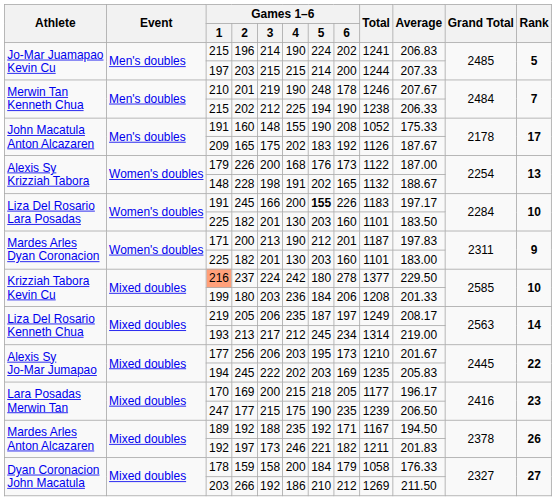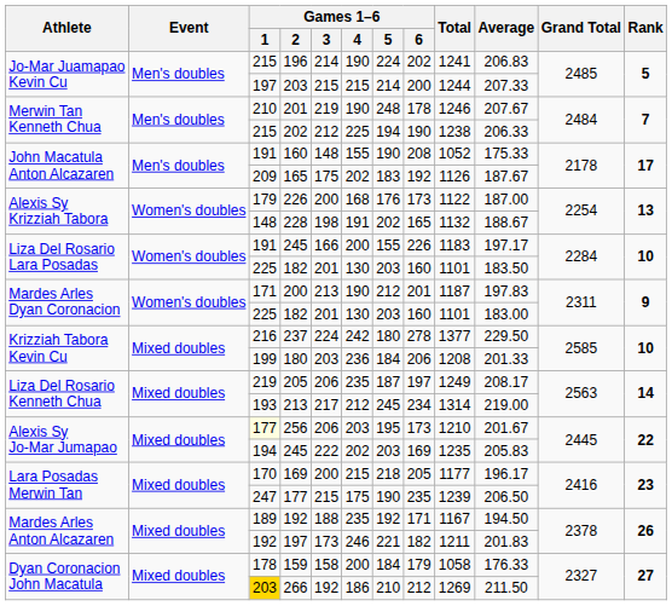 <table class="wikitable" style="font-size:90%;">
 <tr>
 <th rowspan=2>Athlete</th>
 <th rowspan=2>Event</th>
 <th colspan=6>Games 1–6</th>
 <th rowspan=2>Total</th>
 <th rowspan=2>Average</th>
 <th rowspan=2>Grand Total</th>
 <th rowspan=2>Rank</th>
 </tr>
 <tr>
 <th>1</th>
 <th>2</th>
 <th>3</th>
 <th>4</th>
 <th>5</th>
 <th>6</th>
 </tr>
 <tr>
 <td rowspan=2><a href='#'>Jo-Mar Juamapao</a><br><a href='#'>Kevin Cu</a></td>
 <td rowspan=2><a href='#'>Men's doubles</a></td>
 <td align=center>215</td>
 <td align=center>196</td>
 <td align=center>214</td>
 <td align=center>190</td>
 <td align=center>224</td>
 <td align=center>202</td>
 <td align=center>1241</td>
 <td align=center>206.83</td>
 <td style="text-align:center;" rowspan="2">2485</td>
 <td style="text-align:center;" rowspan="2"><strong>5</strong></td>
 </tr>
 <tr>
 <td align=center>197</td>
 <td align=center>203</td>
 <td align=center>215</td>
 <td align=center>215</td>
 <td align=center>214</td>
 <td align=center>200</td>
 <td align=center>1244</td>
 <td align=center>207.33</td>
 </tr>
 <tr>
 <td rowspan=2><a href='#'>Merwin Tan</a><br><a href='#'>Kenneth Chua</a></td>
 <td rowspan=2><a href='#'>Men's doubles</a></td>
 <td align=center>210</td>
 <td align=center>201</td>
 <td align=center>219</td>
 <td align=center>190</td>
 <td align=center>248</td>
 <td align=center>178</td>
 <td align=center>1246</td>
 <td align=center>207.67</td>
 <td style="text-align:center;" rowspan="2">2484</td>
 <td style="text-align:center;" rowspan="2"><strong>7</strong></td>
 </tr>
 <tr>
 <td align=center>215</td>
 <td align=center>202</td>
 <td align=center>212</td>
 <td align=center>225</td>
 <td align=center>194</td>
 <td align=center>190</td>
 <td align=center>1238</td>
 <td align=center>206.33</td>
 </tr>
 <tr>
 <td rowspan=2><a href='#'>John Macatula</a><br><a href='#'>Anton Alcazaren</a></td>
 <td rowspan=2><a href='#'>Men's doubles</a></td>
 <td align=center>191</td>
 <td align=center>160</td>
 <td align=center>148</td>
 <td align=center>155</td>
 <td align=center>190</td>
 <td align=center>208</td>
 <td align=center>1052</td>
 <td align=center>175.33</td>
 <td style="text-align:center;" rowspan="2">2178</td>
 <td style="text-align:center;" rowspan="2"><strong>17</strong></td>
 </tr>
 <tr>
 <td align=center>209</td>
 <td align=center>165</td>
 <td align=center>175</td>
 <td align=center>202</td>
 <td align=center>183</td>
 <td align=center>192</td>
 <td align=center>1126</td>
 <td align=center>187.67</td>
 </tr>
 <tr>
 <td rowspan=2><a href='#'>Alexis Sy</a><br><a href='#'>Krizziah Tabora</a></td>
 <td rowspan=2><a href='#'>Women's doubles</a></td>
 <td align=center>179</td>
 <td align=center>226</td>
 <td align=center>200</td>
 <td align=center>168</td>
 <td align=center>176</td>
 <td align=center>173</td>
 <td align=center>1122</td>
 <td align=center>187.00</td>
 <td style="text-align:center;" rowspan="2">2254</td>
 <td style="text-align:center;" rowspan="2"><strong>13</strong></td>
 </tr>
 <tr>
 <td align=center>148</td>
 <td align=center>228</td>
 <td align=center>198</td>
 <td align=center>191</td>
 <td align=center>202</td>
 <td align=center>165</td>
 <td align=center>1132</td>
 <td align=center>188.67</td>
 </tr>
 <tr>
 <td rowspan=2><a href='#'>Liza Del Rosario</a><br><a href='#'>Lara Posadas</a></td>
 <td rowspan=2><a href='#'>Women's doubles</a></td>
 <td align=center>191</td>
 <td align=center>245</td>
 <td align=center>166</td>
 <td align=center>200</td>
-<td align=center><strong>155</strong></td>
+<td align=center>155</td>
 <td align=center>226</td>
 <td align=center>1183</td>
 <td align=center>197.17</td>
 <td style="text-align:center;" rowspan="2">2284</td>
 <td style="text-align:center;" rowspan="2"><strong>10</strong></td>
 </tr>
 <tr>
 <td align=center>225</td>
 <td align=center>182</td>
 <td align=center>201</td>
 <td align=center>130</td>
 <td align=center>203</td>
 <td align=center>160</td>
 <td align=center>1101</td>
 <td align=center>183.50</td>
 </tr>
 <tr>
 <td rowspan=2><a href='#'>Mardes Arles</a><br><a href='#'>Dyan Coronacion</a></td>
 <td rowspan=2><a href='#'>Women's doubles</a></td>
 <td align=center>171</td>
 <td align=center>200</td>
 <td align=center>213</td>
 <td align=center>190</td>
 <td align=center>212</td>
 <td align=center>201</td>
 <td align=center>1187</td>
 <td align=center>197.83</td>
 <td style="text-align:center;" rowspan="2">2311</td>
 <td style="text-align:center;" rowspan="2"><strong>9</strong></td>
 </tr>
 <tr>
 <td align=center>225</td>
 <td align=center>182</td>
 <td align=center>201</td>
 <td align=center>130</td>
 <td align=center>203</td>
 <td align=center>160</td>
 <td align=center>1101</td>
 <td align=center>183.00</td>
 </tr>
 <tr>
 <td rowspan=2><a href='#'>Krizziah Tabora</a><br><a href='#'>Kevin Cu</a></td>
 <td rowspan=2><a href='#'>Mixed doubles</a></td>
-<td align=center style="background: lightsalmon;">216</td>
+<td align=center>216</td>
 <td align=center>237</td>
 <td align=center>224</td>
 <td align=center>242</td>
 <td align=center>180</td>
 <td align=center>278</td>
 <td align=center>1377</td>
 <td align=center>229.50</td>
 <td style="text-align:center;" rowspan="2">2585</td>
 <td style="text-align:center;" rowspan="2"><strong>10</strong></td>
 </tr>
 <tr>
 <td align=center>199</td>
 <td align=center>180</td>
 <td align=center>203</td>
 <td align=center>236</td>
 <td align=center>184</td>
 <td align=center>206</td>
 <td align=center>1208</td>
 <td align=center>201.33</td>
 </tr>
 <tr>
 <td rowspan=2><a href='#'>Liza Del Rosario</a><br><a href='#'>Kenneth Chua</a></td>
 <td rowspan=2><a href='#'>Mixed doubles</a></td>
 <td align=center>219</td>
 <td align=center>205</td>
 <td align=center>206</td>
 <td align=center>235</td>
 <td align=center>187</td>
 <td align=center>197</td>
 <td align=center>1249</td>
 <td align=center>208.17</td>
 <td style="text-align:center;" rowspan="2">2563</td>
 <td style="text-align:center;" rowspan="2"><strong>14</strong></td>
 </tr>
 <tr>
 <td align=center>193</td>
 <td align=center>213</td>
 <td align=center>217</td>
 <td align=center>212</td>
 <td align=center>245</td>
 <td align=center>234</td>
 <td align=center>1314</td>
 <td align=center>219.00</td>
 </tr>
 <tr>
 <td rowspan=2><a href='#'>Alexis Sy</a><br><a href='#'>Jo-Mar Jumapao</a></td>
 <td rowspan=2><a href='#'>Mixed doubles</a></td>
-<td align=center>177</td>
+<td align=center style="background: lightyellow;">177</td>
 <td align=center>256</td>
 <td align=center>206</td>
 <td align=center>203</td>
 <td align=center>195</td>
 <td align=center>173</td>
 <td align=center>1210</td>
 <td align=center>201.67</td>
 <td style="text-align:center;" rowspan="2">2445</td>
 <td style="text-align:center;" rowspan="2"><strong>22</strong></td>
 </tr>
 <tr>
 <td align=center>194</td>
 <td align=center>245</td>
 <td align=center>222</td>
 <td align=center>202</td>
 <td align=center>203</td>
 <td align=center>169</td>
 <td align=center>1235</td>
 <td align=center>205.83</td>
 </tr>
 <tr>
 <td rowspan=2><a href='#'>Lara Posadas</a><br><a href='#'>Merwin Tan</a></td>
 <td rowspan=2><a href='#'>Mixed doubles</a></td>
 <td align=center>170</td>
 <td align=center>169</td>
 <td align=center>200</td>
 <td align=center>215</td>
 <td align=center>218</td>
 <td align=center>205</td>
 <td align=center>1177</td>
 <td align=center>196.17</td>
 <td style="text-align:center;" rowspan="2">2416</td>
 <td style="text-align:center;" rowspan="2"><strong>23</strong></td>
 </tr>
 <tr>
 <td align=center>247</td>
 <td align=center>177</td>
 <td align=center>215</td>
 <td align=center>175</td>
 <td align=center>190</td>
 <td align=center>235</td>
 <td align=center>1239</td>
 <td align=center>206.50</td>
 </tr>
 <tr>
 <td rowspan=2><a href='#'>Mardes Arles</a><br><a href='#'>Anton Alcazaren</a></td>
 <td rowspan=2><a href='#'>Mixed doubles</a></td>
 <td align=center>189</td>
 <td align=center>192</td>
 <td align=center>188</td>
 <td align=center>235</td>
 <td align=center>192</td>
 <td align=center>171</td>
 <td align=center>1167</td>
 <td align=center>194.50</td>
 <td style="text-align:center;" rowspan="2">2378</td>
 <td style="text-align:center;" rowspan="2"><strong>26</strong></td>
 </tr>
 <tr>
 <td align=center>192</td>
 <td align=center>197</td>
 <td align=center>173</td>
 <td align=center>246</td>
 <td align=center>221</td>
 <td align=center>182</td>
 <td align=center>1211</td>
 <td align=center>201.83</td>
 </tr>
 <tr>
 <td rowspan=2><a href='#'>Dyan Coronacion</a><br><a href='#'>John Macatula</a></td>
 <td rowspan=2><a href='#'>Mixed doubles</a></td>
 <td align=center>178</td>
 <td align=center>159</td>
 <td align=center>158</td>
 <td align=center>200</td>
 <td align=center>184</td>
 <td align=center>179</td>
 <td align=center>1058</td>
 <td align=center>176.33</td>
 <td style="text-align:center;" rowspan="2">2327</td>
 <td style="text-align:center;" rowspan="2"><strong>27</strong></td>
 </tr>
 <tr>
-<td align=center>203</td>
+<td align=center style="background: gold;">203</td>
 <td align=center>266</td>
 <td align=center>192</td>
 <td align=center>186</td>
 <td align=center>210</td>
 <td align=center>212</td>
 <td align=center>1269</td>
 <td align=center>211.50</td>
 </tr>
 </table>
